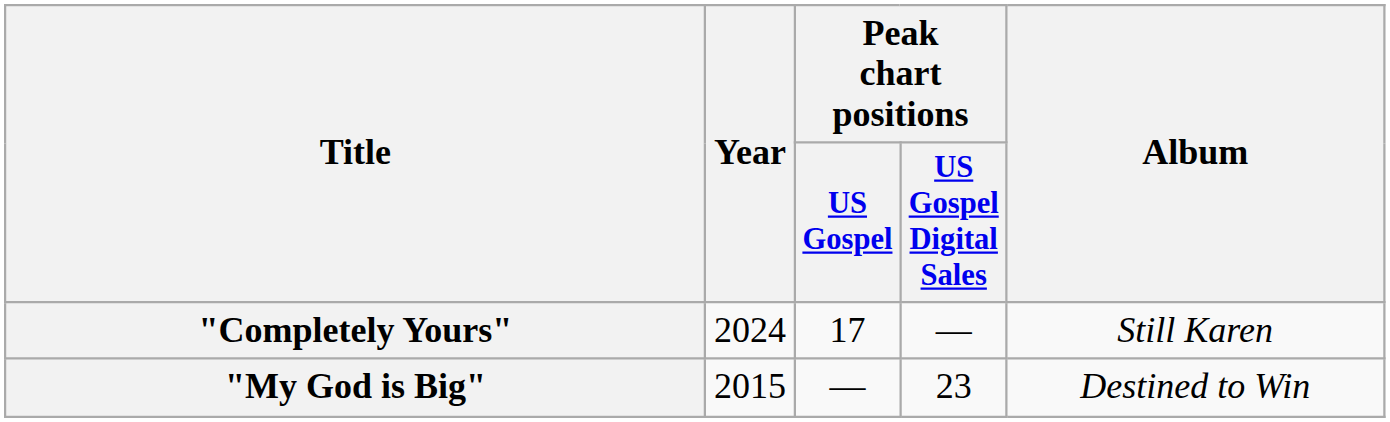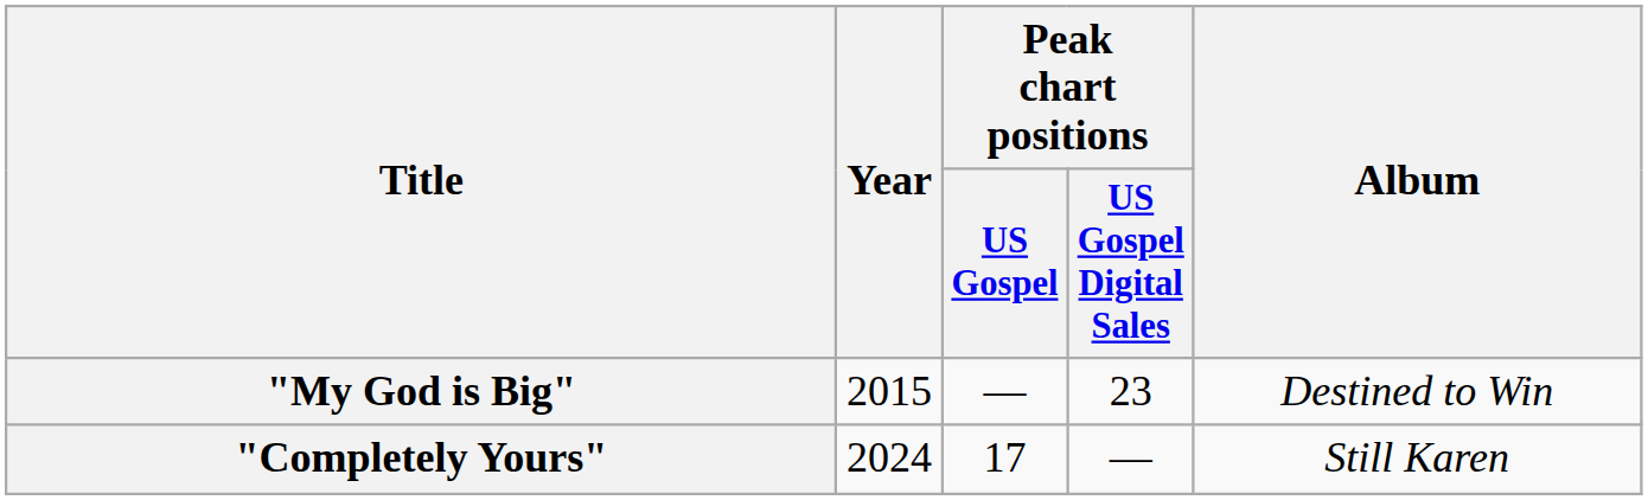 <table class="wikitable plainrowheaders" style="text-align:center;" border="1">
 <tr>
 <th scope="col" rowspan="2" style="width:19em;">Title</th>
 <th scope="col" rowspan="2" style="width:2em;">Year</th>
 <th scope="col" colspan="2">Peak<br>chart<br>positions</th>
 <th scope="col" rowspan="2" style="width:10em;">Album</th>
 </tr>
 <tr>
 <th scope="col" style="width:3em;font-size:85%;"><a href='#'>US<br>Gospel</a><br></th>
 <th scope="col" style="width:3em;font-size:85%;"><a href='#'>US<br>Gospel<br>Digital<br>Sales</a><br></th>
 </tr>
 <tr>
+<th scope="row">"My God is Big"</th>
+<td rowspan="1">2015</td>
+<td>—</td>
+<td>23</td>
+<td><em>Destined to Win</em></td>
+</tr>
+<tr>
 <th scope="row">"Completely Yours"</th>
 <td>2024</td>
 <td>17</td>
 <td>—</td>
 <td><em>Still Karen</em></td>
 </tr>
-<tr>
-<th scope="row">"My God is Big"</th>
-<td rowspan="1">2015</td>
-<td>—</td>
-<td>23</td>
-<td><em>Destined to Win</em></td>
-</tr>
 </table>
